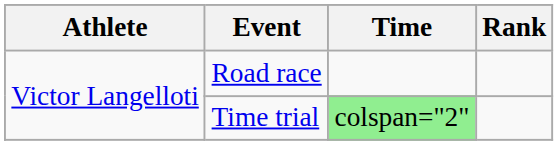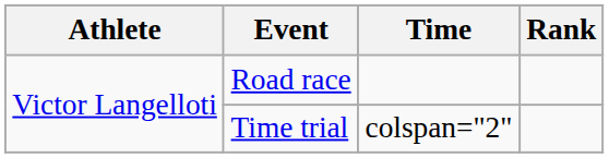 <table class="wikitable" style="font-size:90%">
 <tr>
 <th>Athlete</th>
 <th>Event</th>
 <th>Time</th>
 <th>Rank</th>
 </tr>
 <tr align=center>
 <td align=left rowspan=2><a href='#'>Victor Langelloti</a></td>
 <td align=left><a href='#'>Road race</a></td>
 <td></td>
 <td></td>
 </tr>
 <tr align=center>
 <td align=left><a href='#'>Time trial</a></td>
-<td style="background: lightgreen;">colspan="2" </td>
+<td>colspan="2" </td>
 </tr>
 </table>
